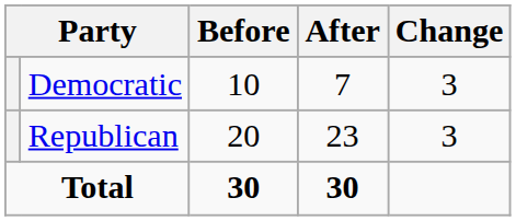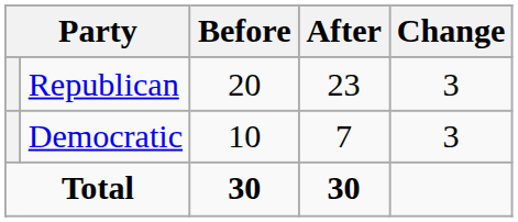 <table class="wikitable" style="text-align:center;">
 <tr>
 <th colspan="2">Party</th>
 <th>Before</th>
 <th>After</th>
 <th>Change</th>
 </tr>
 <tr>
 <th style="background-color:"></th>
-<td style="text-align:left;"><a href='#'>Democratic</a></td>
-<td>10</td>
-<td>7</td>
+<td style="text-align:left;"><a href='#'>Republican</a></td>
+<td>20</td>
+<td>23</td>
 <td> 3</td>
 </tr>
 <tr>
 <th style="background-color:"></th>
-<td style="text-align:left;"><a href='#'>Republican</a></td>
-<td>20</td>
-<td>23</td>
+<td style="text-align:left;"><a href='#'>Democratic</a></td>
+<td>10</td>
+<td>7</td>
 <td> 3</td>
 </tr>
 <tr>
 <td colspan="2"><strong>Total</strong></td>
 <td><strong>30</strong></td>
 <td><strong>30</strong></td>
 <td></td>
 </tr>
 </table>
